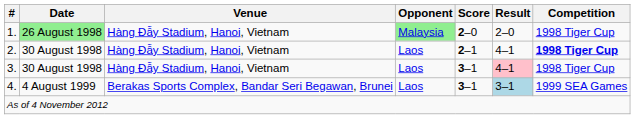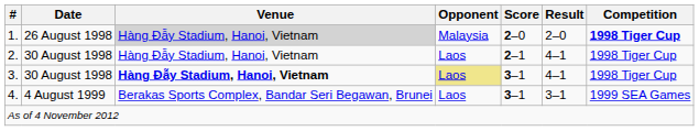 <table class="wikitable">
 <tr>
 <th>#</th>
 <th>Date</th>
 <th>Venue</th>
 <th>Opponent</th>
 <th>Score</th>
 <th>Result</th>
 <th>Competition</th>
 </tr>
 <tr>
 <td>1.</td>
-<td style="background: lightgreen;">26 August 1998</td>
-<td><a href='#'>Hàng Đẫy Stadium</a>, <a href='#'>Hanoi</a>, Vietnam</td>
-<td style="background: lightgreen;"> <a href='#'>Malaysia</a></td>
+<td>26 August 1998</td>
+<td style="background: lightgrey;"><a href='#'>Hàng Đẫy Stadium</a>, <a href='#'>Hanoi</a>, Vietnam</td>
+<td> <a href='#'>Malaysia</a></td>
 <td><strong>2</strong>–0</td>
 <td>2–0</td>
-<td><a href='#'>1998 Tiger Cup</a></td>
+<td><strong><a href='#'>1998 Tiger Cup</a></strong></td>
 </tr>
 <tr>
 <td>2.</td>
 <td>30 August 1998</td>
 <td><a href='#'>Hàng Đẫy Stadium</a>, <a href='#'>Hanoi</a>, Vietnam</td>
 <td> <a href='#'>Laos</a></td>
 <td><strong>2</strong>–1</td>
 <td>4–1</td>
-<td><strong><a href='#'>1998 Tiger Cup</a></strong></td>
+<td><a href='#'>1998 Tiger Cup</a></td>
 </tr>
 <tr>
 <td>3.</td>
 <td>30 August 1998</td>
-<td><a href='#'>Hàng Đẫy Stadium</a>, <a href='#'>Hanoi</a>, Vietnam</td>
-<td> <a href='#'>Laos</a></td>
+<td><strong><a href='#'>Hàng Đẫy Stadium</a>, <a href='#'>Hanoi</a>, Vietnam</strong></td>
+<td style="background: khaki;"> <a href='#'>Laos</a></td>
 <td><strong>3</strong>–1</td>
-<td style="background: pink;">4–1</td>
+<td>4–1</td>
 <td><a href='#'>1998 Tiger Cup</a></td>
 </tr>
 <tr>
 <td>4.</td>
 <td>4 August 1999</td>
 <td><a href='#'>Berakas Sports Complex</a>, <a href='#'>Bandar Seri Begawan</a>, <a href='#'>Brunei</a></td>
 <td> <a href='#'>Laos</a></td>
 <td><strong>3</strong>–1</td>
-<td style="background: lightblue;">3–1</td>
+<td>3–1</td>
 <td><a href='#'>1999 SEA Games</a></td>
 </tr>
 <tr>
 <td colspan="12"><small><em>As of 4 November 2012</em></small></td>
 </tr>
 </table>
